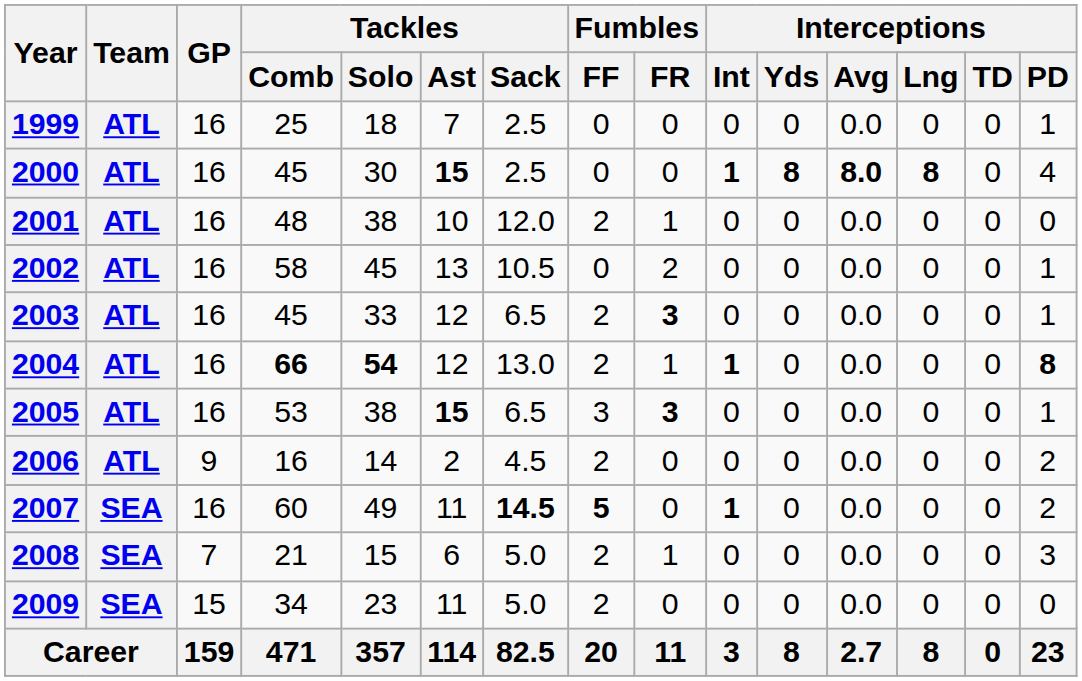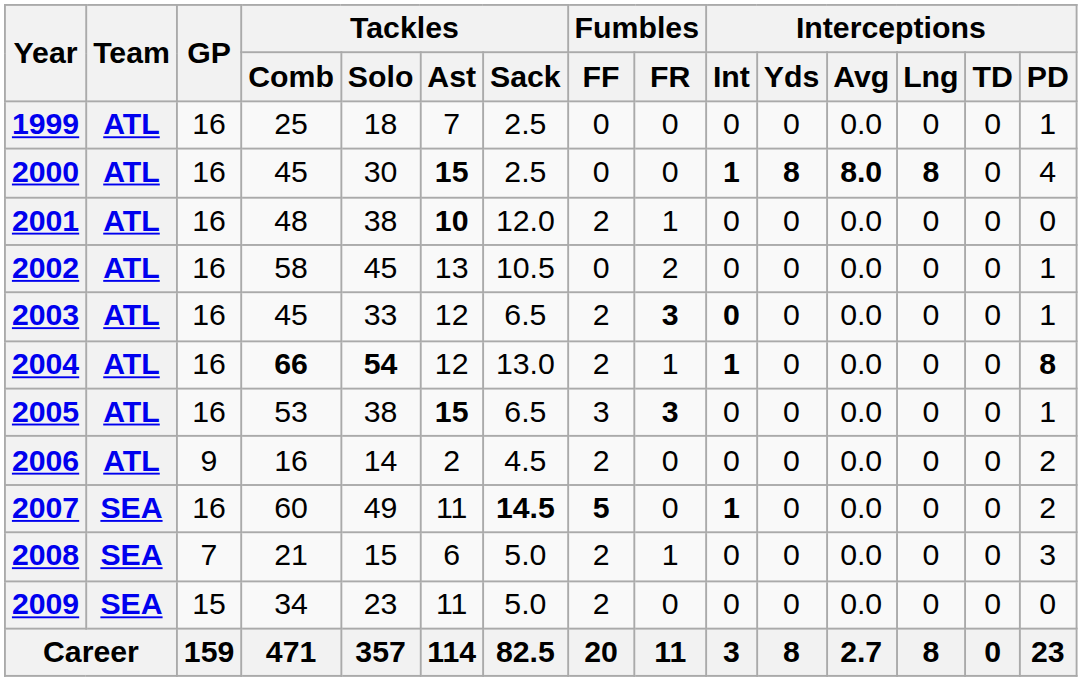 <table class="wikitable" style="text-align:center">
 <tr>
 <th rowspan="2">Year</th>
 <th rowspan="2">Team</th>
 <th rowspan="2">GP</th>
 <th colspan="4">Tackles</th>
 <th colspan="2">Fumbles</th>
 <th colspan="6">Interceptions</th>
 </tr>
 <tr>
 <th>Comb</th>
 <th>Solo</th>
 <th>Ast</th>
 <th>Sack</th>
 <th>FF</th>
 <th>FR</th>
 <th>Int</th>
 <th>Yds</th>
 <th>Avg</th>
 <th>Lng</th>
 <th>TD</th>
 <th>PD</th>
 </tr>
 <tr>
 <th><a href='#'>1999</a></th>
 <th><a href='#'>ATL</a></th>
 <td>16</td>
 <td>25</td>
 <td>18</td>
 <td>7</td>
 <td>2.5</td>
 <td>0</td>
 <td>0</td>
 <td>0</td>
 <td>0</td>
 <td>0.0</td>
 <td>0</td>
 <td>0</td>
 <td>1</td>
 </tr>
 <tr>
 <th><a href='#'>2000</a></th>
 <th><a href='#'>ATL</a></th>
 <td>16</td>
 <td>45</td>
 <td>30</td>
 <td><strong>15</strong></td>
 <td>2.5</td>
 <td>0</td>
 <td>0</td>
 <td><strong>1</strong></td>
 <td><strong>8</strong></td>
 <td><strong>8.0</strong></td>
 <td><strong>8</strong></td>
 <td>0</td>
 <td>4</td>
 </tr>
 <tr>
 <th><a href='#'>2001</a></th>
 <th><a href='#'>ATL</a></th>
 <td>16</td>
 <td>48</td>
 <td>38</td>
-<td>10</td>
+<td><strong>10</strong></td>
 <td>12.0</td>
 <td>2</td>
 <td>1</td>
 <td>0</td>
 <td>0</td>
 <td>0.0</td>
 <td>0</td>
 <td>0</td>
 <td>0</td>
 </tr>
 <tr>
 <th><a href='#'>2002</a></th>
 <th><a href='#'>ATL</a></th>
 <td>16</td>
 <td>58</td>
 <td>45</td>
 <td>13</td>
 <td>10.5</td>
 <td>0</td>
 <td>2</td>
 <td>0</td>
 <td>0</td>
 <td>0.0</td>
 <td>0</td>
 <td>0</td>
 <td>1</td>
 </tr>
 <tr>
 <th><a href='#'>2003</a></th>
 <th><a href='#'>ATL</a></th>
 <td>16</td>
 <td>45</td>
 <td>33</td>
 <td>12</td>
 <td>6.5</td>
 <td>2</td>
 <td><strong>3</strong></td>
-<td>0</td>
+<td><strong>0</strong></td>
 <td>0</td>
 <td>0.0</td>
 <td>0</td>
 <td>0</td>
 <td>1</td>
 </tr>
 <tr>
 <th><a href='#'>2004</a></th>
 <th><a href='#'>ATL</a></th>
 <td>16</td>
 <td><strong>66</strong></td>
 <td><strong>54</strong></td>
 <td>12</td>
 <td>13.0</td>
 <td>2</td>
 <td>1</td>
 <td><strong>1</strong></td>
 <td>0</td>
 <td>0.0</td>
 <td>0</td>
 <td>0</td>
 <td><strong>8</strong></td>
 </tr>
 <tr>
 <th><a href='#'>2005</a></th>
 <th><a href='#'>ATL</a></th>
 <td>16</td>
 <td>53</td>
 <td>38</td>
 <td><strong>15</strong></td>
 <td>6.5</td>
 <td>3</td>
 <td><strong>3</strong></td>
 <td>0</td>
 <td>0</td>
 <td>0.0</td>
 <td>0</td>
 <td>0</td>
 <td>1</td>
 </tr>
 <tr>
 <th><a href='#'>2006</a></th>
 <th><a href='#'>ATL</a></th>
 <td>9</td>
 <td>16</td>
 <td>14</td>
 <td>2</td>
 <td>4.5</td>
 <td>2</td>
 <td>0</td>
 <td>0</td>
 <td>0</td>
 <td>0.0</td>
 <td>0</td>
 <td>0</td>
 <td>2</td>
 </tr>
 <tr>
 <th><a href='#'>2007</a></th>
 <th><a href='#'>SEA</a></th>
 <td>16</td>
 <td>60</td>
 <td>49</td>
 <td>11</td>
 <td><strong>14.5</strong></td>
 <td><strong>5</strong></td>
 <td>0</td>
 <td><strong>1</strong></td>
 <td>0</td>
 <td>0.0</td>
 <td>0</td>
 <td>0</td>
 <td>2</td>
 </tr>
 <tr>
 <th><a href='#'>2008</a></th>
 <th><a href='#'>SEA</a></th>
 <td>7</td>
 <td>21</td>
 <td>15</td>
 <td>6</td>
 <td>5.0</td>
 <td>2</td>
 <td>1</td>
 <td>0</td>
 <td>0</td>
 <td>0.0</td>
 <td>0</td>
 <td>0</td>
 <td>3</td>
 </tr>
 <tr>
 <th><a href='#'>2009</a></th>
 <th><a href='#'>SEA</a></th>
 <td>15</td>
 <td>34</td>
 <td>23</td>
 <td>11</td>
 <td>5.0</td>
 <td>2</td>
 <td>0</td>
 <td>0</td>
 <td>0</td>
 <td>0.0</td>
 <td>0</td>
 <td>0</td>
 <td>0</td>
 </tr>
 <tr>
 <th colspan="2">Career</th>
 <th>159</th>
 <th>471</th>
 <th>357</th>
 <th>114</th>
 <th>82.5</th>
 <th>20</th>
 <th>11</th>
 <th>3</th>
 <th>8</th>
 <th>2.7</th>
 <th>8</th>
 <th>0</th>
 <th>23</th>
 </tr>
 </table>
